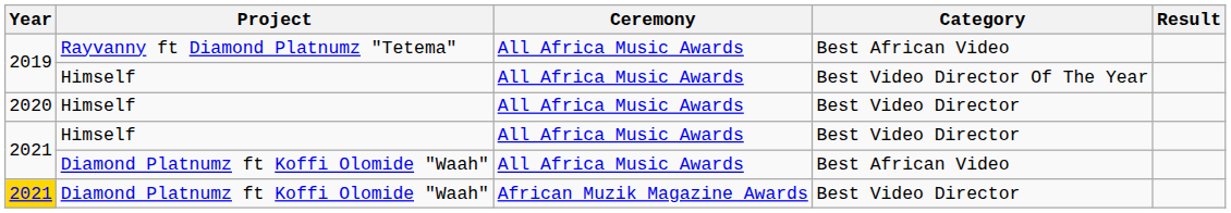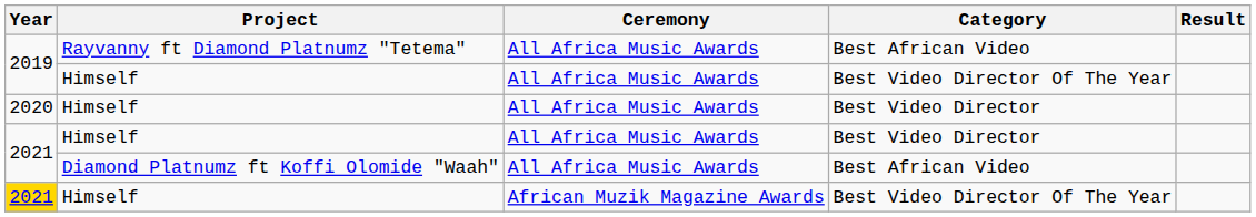 <table class="wikitable">
 <tr>
 <th>Year</th>
 <th>Project</th>
 <th>Ceremony</th>
 <th>Category</th>
 <th>Result</th>
 </tr>
 <tr>
 <td rowspan="2">2019</td>
 <td rowspan="1"><a href='#'>Rayvanny</a> ft <a href='#'>Diamond Platnumz</a> "Tetema"</td>
 <td rowspan="1"><a href='#'>All Africa Music Awards</a></td>
 <td>Best African Video</td>
 <td></td>
 </tr>
 <tr>
 <td rowspan="1">Himself</td>
 <td rowspan="1"><a href='#'>All Africa Music Awards</a></td>
 <td>Best Video Director Of The Year</td>
 <td></td>
 </tr>
 <tr>
 <td rowspan="1">2020</td>
 <td rowspan="1">Himself</td>
 <td rowspan="1"><a href='#'>All Africa Music Awards</a></td>
 <td>Best Video Director </td>
 <td></td>
 </tr>
 <tr>
 <td rowspan="2">2021</td>
 <td rowspan="1">Himself</td>
 <td rowspan="1"><a href='#'>All Africa Music Awards</a></td>
 <td>Best Video Director </td>
 <td></td>
 </tr>
 <tr>
 <td rowspan="1"><a href='#'>Diamond Platnumz</a> ft <a href='#'>Koffi Olomide</a> "Waah"</td>
 <td rowspan="1"><a href='#'>All Africa Music Awards</a></td>
 <td>Best African Video </td>
 <td></td>
 </tr>
 <tr>
 <td style="background: gold;"><a href='#'>2021</a></td>
-<td rowspan="1"><a href='#'>Diamond Platnumz</a> ft <a href='#'>Koffi Olomide</a> "Waah"</td>
+<td>Himself</td>
 <td><a href='#'>African Muzik Magazine Awards</a></td>
-<td>Best Video Director</td>
+<td>Best Video Director Of The Year</td>
 <td></td>
 </tr>
 </table>
